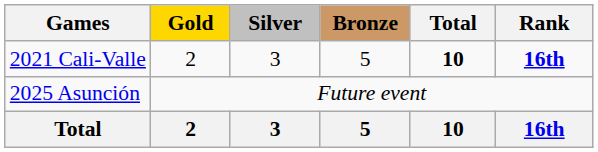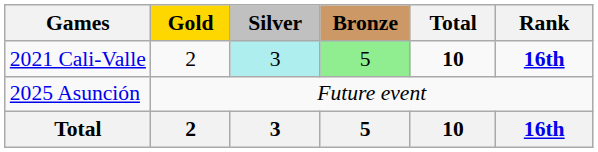 <table class="wikitable" style="text-align:center; font-size:90%;">
 <tr>
 <th>Games</th>
 <td style="background:gold; width:3.2em; font-weight:bold;">Gold</td>
 <td style="background:silver; width:3.7em; font-weight:bold;">Silver</td>
 <td style="background:#c96; width:3.7em; font-weight:bold;">Bronze</td>
 <th style="width:3.5em; font-weight:bold;">Total</th>
 <th style="width:4em; font-weight:bold;">Rank</th>
 </tr>
 <tr>
 <td align=left> <a href='#'>2021 Cali-Valle</a></td>
 <td>2</td>
-<td>3</td>
-<td>5</td>
+<td style="background: paleturquoise;">3</td>
+<td style="background: lightgreen;">5</td>
 <td><strong>10</strong></td>
 <td><strong><a href='#'>16th</a></strong></td>
 </tr>
 <tr>
 <td align=left> <a href='#'>2025 Asunción</a></td>
 <td colspan="5"><em>Future event</em></td>
 </tr>
 <tr>
 <th>Total</th>
 <th>2</th>
 <th>3</th>
 <th>5</th>
 <th>10</th>
 <th><a href='#'>16th</a></th>
 </tr>
 </table>
